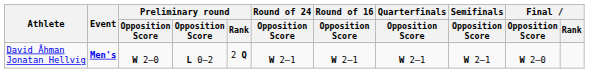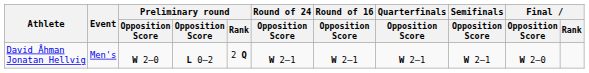 <table class=wikitable style=font-size:90%;text-align:center>
 <tr>
 <th rowspan=2>Athlete</th>
 <th rowspan=2>Event</th>
 <th colspan=3>Preliminary round</th>
 <th>Round of 24</th>
 <th>Round of 16</th>
 <th>Quarterfinals</th>
 <th>Semifinals</th>
 <th colspan=2>Final / </th>
 </tr>
 <tr style=font-size:95%>
 <th>Opposition<br>Score</th>
 <th>Opposition<br>Score</th>
 <th>Rank</th>
 <th>Opposition<br>Score</th>
 <th>Opposition<br>Score</th>
 <th>Opposition<br>Score</th>
 <th>Opposition<br>Score</th>
 <th>Opposition<br>Score</th>
 <th>Rank</th>
 </tr>
 <tr>
 <td align=left><a href='#'>David Åhman</a><br><a href='#'>Jonatan Hellvig</a></td>
-<td align=left><strong><a href='#'>Men's</a></strong></td>
+<td align=left><a href='#'>Men's</a></td>
 <td><br><strong>W</strong> 2–0</td>
 <td><br><strong>L</strong> 0–2</td>
 <td>2 <strong>Q</strong></td>
 <td><br><strong>W</strong> 2–1</td>
 <td><br><strong>W</strong> 2–1</td>
 <td><br><strong>W</strong> 2–1</td>
 <td><br><strong>W</strong> 2–1</td>
 <td><br><strong>W</strong> 2–0</td>
 <td></td>
 </tr>
 </table>
